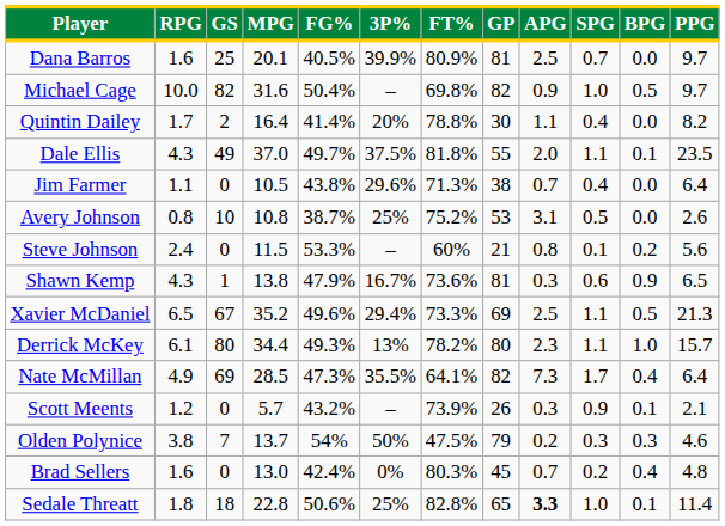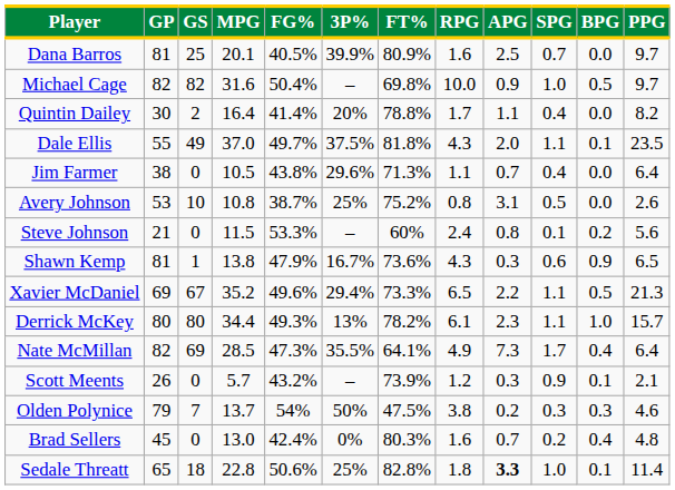 <table class="wikitable sortable" style="text-align:right;">
 <tr>
 <th style="background:#00843D; color:#FFFFFF; border-top:#FFCD00 3px solid; border-bottom:#FFCD00 3px solid;">Player</th>
-<th style="background:#00843D; color:#FFFFFF; border-top:#FFCD00 3px solid; border-bottom:#FFCD00 3px solid;">RPG</th>
+<th style="background:#00843D; color:#FFFFFF; border-top:#FFCD00 3px solid; border-bottom:#FFCD00 3px solid;">GP</th>
 <th style="background:#00843D; color:#FFFFFF; border-top:#FFCD00 3px solid; border-bottom:#FFCD00 3px solid;">GS</th>
 <th style="background:#00843D; color:#FFFFFF; border-top:#FFCD00 3px solid; border-bottom:#FFCD00 3px solid;">MPG</th>
 <th style="background:#00843D; color:#FFFFFF; border-top:#FFCD00 3px solid; border-bottom:#FFCD00 3px solid;">FG%</th>
 <th style="background:#00843D; color:#FFFFFF; border-top:#FFCD00 3px solid; border-bottom:#FFCD00 3px solid;">3P%</th>
 <th style="background:#00843D; color:#FFFFFF; border-top:#FFCD00 3px solid; border-bottom:#FFCD00 3px solid;">FT%</th>
-<th style="background:#00843D; color:#FFFFFF; border-top:#FFCD00 3px solid; border-bottom:#FFCD00 3px solid;">GP</th>
+<th style="background:#00843D; color:#FFFFFF; border-top:#FFCD00 3px solid; border-bottom:#FFCD00 3px solid;">RPG</th>
 <th style="background:#00843D; color:#FFFFFF; border-top:#FFCD00 3px solid; border-bottom:#FFCD00 3px solid;">APG</th>
 <th style="background:#00843D; color:#FFFFFF; border-top:#FFCD00 3px solid; border-bottom:#FFCD00 3px solid;">SPG</th>
 <th style="background:#00843D; color:#FFFFFF; border-top:#FFCD00 3px solid; border-bottom:#FFCD00 3px solid;">BPG</th>
 <th style="background:#00843D; color:#FFFFFF; border-top:#FFCD00 3px solid; border-bottom:#FFCD00 3px solid;">PPG</th>
 </tr>
 <tr style="text-align: center">
 <td><a href='#'>Dana Barros</a></td>
-<td>1.6</td>
+<td>81</td>
 <td>25</td>
 <td>20.1</td>
 <td>40.5%</td>
 <td>39.9%</td>
 <td>80.9%</td>
-<td>81</td>
+<td>1.6</td>
 <td>2.5</td>
 <td>0.7</td>
 <td>0.0</td>
 <td>9.7</td>
 </tr>
 <tr style="text-align: center">
 <td><a href='#'>Michael Cage</a></td>
-<td>10.0</td>
+<td>82</td>
 <td>82</td>
 <td>31.6</td>
 <td>50.4%</td>
 <td>–</td>
 <td>69.8%</td>
-<td>82</td>
+<td>10.0</td>
 <td>0.9</td>
 <td>1.0</td>
 <td>0.5</td>
 <td>9.7</td>
 </tr>
 <tr style="text-align: center">
 <td><a href='#'>Quintin Dailey</a></td>
-<td>1.7</td>
+<td>30</td>
 <td>2</td>
 <td>16.4</td>
 <td>41.4%</td>
 <td>20%</td>
 <td>78.8%</td>
-<td>30</td>
+<td>1.7</td>
 <td>1.1</td>
 <td>0.4</td>
 <td>0.0</td>
 <td>8.2</td>
 </tr>
 <tr style="text-align: center">
 <td><a href='#'>Dale Ellis</a></td>
-<td>4.3</td>
+<td>55</td>
 <td>49</td>
 <td>37.0</td>
 <td>49.7%</td>
 <td>37.5%</td>
 <td>81.8%</td>
-<td>55</td>
+<td>4.3</td>
 <td>2.0</td>
 <td>1.1</td>
 <td>0.1</td>
 <td>23.5</td>
 </tr>
 <tr style="text-align: center">
 <td><a href='#'>Jim Farmer</a></td>
-<td>1.1</td>
+<td>38</td>
 <td>0</td>
 <td>10.5</td>
 <td>43.8%</td>
 <td>29.6%</td>
 <td>71.3%</td>
-<td>38</td>
+<td>1.1</td>
 <td>0.7</td>
 <td>0.4</td>
 <td>0.0</td>
 <td>6.4</td>
 </tr>
 <tr style="text-align: center">
 <td><a href='#'>Avery Johnson</a></td>
-<td>0.8</td>
+<td>53</td>
 <td>10</td>
 <td>10.8</td>
 <td>38.7%</td>
 <td>25%</td>
 <td>75.2%</td>
-<td>53</td>
+<td>0.8</td>
 <td>3.1</td>
 <td>0.5</td>
 <td>0.0</td>
 <td>2.6</td>
 </tr>
 <tr style="text-align: center">
 <td><a href='#'>Steve Johnson</a> </td>
-<td>2.4</td>
+<td>21</td>
 <td>0</td>
 <td>11.5</td>
 <td>53.3%</td>
 <td>–</td>
 <td>60%</td>
-<td>21</td>
+<td>2.4</td>
 <td>0.8</td>
 <td>0.1</td>
 <td>0.2</td>
 <td>5.6</td>
 </tr>
 <tr style="text-align: center">
 <td><a href='#'>Shawn Kemp</a></td>
-<td>4.3</td>
+<td>81</td>
 <td>1</td>
 <td>13.8</td>
 <td>47.9%</td>
 <td>16.7%</td>
 <td>73.6%</td>
-<td>81</td>
+<td>4.3</td>
 <td>0.3</td>
 <td>0.6</td>
 <td>0.9</td>
 <td>6.5</td>
 </tr>
 <tr style="text-align: center">
 <td><a href='#'>Xavier McDaniel</a></td>
-<td>6.5</td>
+<td>69</td>
 <td>67</td>
 <td>35.2</td>
 <td>49.6%</td>
 <td>29.4%</td>
 <td>73.3%</td>
-<td>69</td>
-<td>2.5</td>
+<td>6.5</td>
+<td>2.2</td>
 <td>1.1</td>
 <td>0.5</td>
 <td>21.3</td>
 </tr>
 <tr style="text-align: center">
 <td><a href='#'>Derrick McKey</a></td>
-<td>6.1</td>
+<td>80</td>
 <td>80</td>
 <td>34.4</td>
 <td>49.3%</td>
 <td>13%</td>
 <td>78.2%</td>
-<td>80</td>
+<td>6.1</td>
 <td>2.3</td>
 <td>1.1</td>
 <td>1.0</td>
 <td>15.7</td>
 </tr>
 <tr style="text-align: center">
 <td><a href='#'>Nate McMillan</a></td>
-<td>4.9</td>
+<td>82</td>
 <td>69</td>
 <td>28.5</td>
 <td>47.3%</td>
 <td>35.5%</td>
 <td>64.1%</td>
-<td>82</td>
+<td>4.9</td>
 <td>7.3</td>
 <td>1.7</td>
 <td>0.4</td>
 <td>6.4</td>
 </tr>
 <tr style="text-align: center">
 <td><a href='#'>Scott Meents</a></td>
-<td>1.2</td>
+<td>26</td>
 <td>0</td>
 <td>5.7</td>
 <td>43.2%</td>
 <td>–</td>
 <td>73.9%</td>
-<td>26</td>
+<td>1.2</td>
 <td>0.3</td>
 <td>0.9</td>
 <td>0.1</td>
 <td>2.1</td>
 </tr>
 <tr style="text-align: center">
 <td><a href='#'>Olden Polynice</a></td>
-<td>3.8</td>
+<td>79</td>
 <td>7</td>
 <td>13.7</td>
 <td>54%</td>
 <td>50%</td>
 <td>47.5%</td>
-<td>79</td>
+<td>3.8</td>
 <td>0.2</td>
 <td>0.3</td>
 <td>0.3</td>
 <td>4.6</td>
 </tr>
 <tr style="text-align: center">
 <td><a href='#'>Brad Sellers</a> </td>
-<td>1.6</td>
+<td>45</td>
 <td>0</td>
 <td>13.0</td>
 <td>42.4%</td>
 <td>0%</td>
 <td>80.3%</td>
-<td>45</td>
+<td>1.6</td>
 <td>0.7</td>
 <td>0.2</td>
 <td>0.4</td>
 <td>4.8</td>
 </tr>
 <tr style="text-align: center">
 <td><a href='#'>Sedale Threatt</a></td>
-<td>1.8</td>
+<td>65</td>
 <td>18</td>
 <td>22.8</td>
 <td>50.6%</td>
 <td>25%</td>
 <td>82.8%</td>
-<td>65</td>
+<td>1.8</td>
 <td><strong>3.3</strong></td>
 <td>1.0</td>
 <td>0.1</td>
 <td>11.4</td>
 </tr>
 </table>
